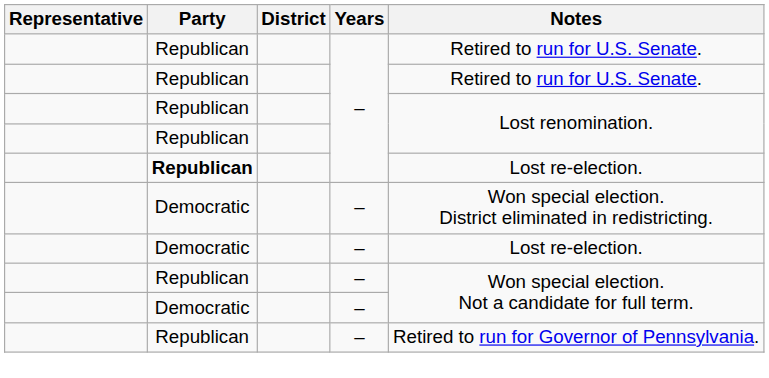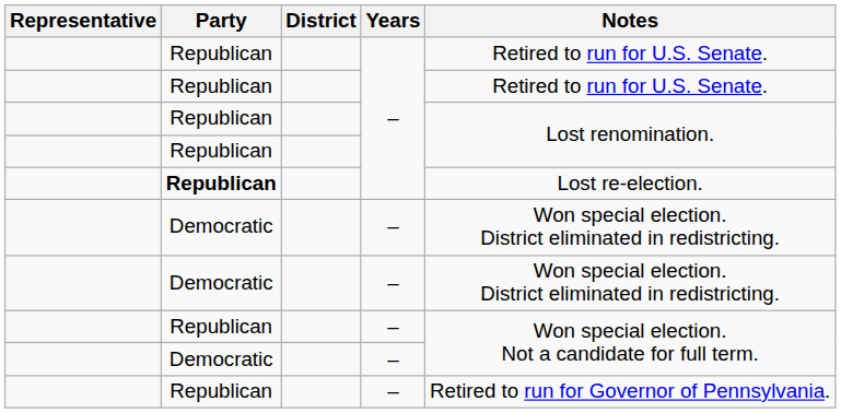 <table class="wikitable sortable" style="text-align:center">
 <tr valign=bottom>
 <th>Representative</th>
 <th>Party</th>
 <th>District</th>
 <th>Years</th>
 <th>Notes</th>
 </tr>
 <tr>
 <td align=left></td>
 <td>Republican</td>
 <td></td>
 <td rowspan="5" nowrap=""> –<br></td>
 <td>Retired to <a href='#'>run for U.S. Senate</a>.</td>
 </tr>
 <tr>
 <td align=left></td>
 <td>Republican</td>
 <td></td>
 <td>Retired to <a href='#'>run for U.S. Senate</a>.</td>
 </tr>
 <tr>
 <td align=left></td>
 <td>Republican</td>
 <td></td>
 <td rowspan="2">Lost renomination.</td>
 </tr>
 <tr>
 <td align=left></td>
 <td>Republican</td>
 <td></td>
 </tr>
 <tr>
 <td align=left></td>
 <td><strong>Republican</strong></td>
 <td></td>
 <td>Lost re-election.</td>
 </tr>
 <tr>
 <td align=left></td>
 <td>Democratic</td>
 <td></td>
 <td nowrap> –<br></td>
 <td>Won special election.<br>District eliminated in redistricting.</td>
 </tr>
 <tr>
 <td align=left></td>
 <td>Democratic</td>
 <td></td>
 <td nowrap> –<br></td>
-<td>Lost re-election.</td>
+<td>Won special election.<br>District eliminated in redistricting.</td>
 </tr>
 <tr>
 <td align=left></td>
 <td>Republican</td>
 <td></td>
 <td nowrap> –<br></td>
 <td rowspan="2">Won special election.<br>Not a candidate for full term.</td>
 </tr>
 <tr>
 <td align=left></td>
 <td>Democratic</td>
 <td></td>
 <td nowrap> –<br></td>
 </tr>
 <tr>
 <td align=left></td>
 <td>Republican</td>
 <td></td>
 <td nowrap> –<br></td>
 <td>Retired to <a href='#'>run for Governor of Pennsylvania</a>.</td>
 </tr>
 </table>
